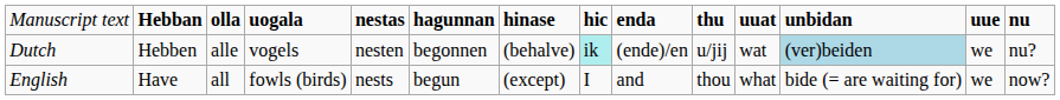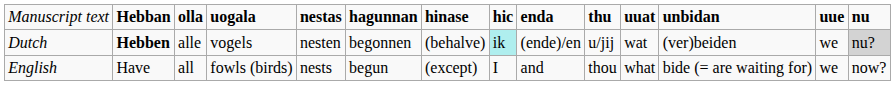 <table class="wikitable">
 <tr>
 <td><em>Manuscript text</em></td>
 <td><strong>Hebban</strong></td>
 <td><strong>olla</strong></td>
 <td><strong>uogala</strong></td>
 <td><strong>nestas</strong></td>
 <td><strong>hagunnan</strong></td>
 <td><strong>hinase</strong></td>
 <td><strong>hic</strong></td>
 <td><strong>enda</strong></td>
 <td><strong>thu</strong></td>
 <td><strong>uuat</strong></td>
 <td><strong>unbidan</strong></td>
 <td><strong>uue</strong></td>
 <td><strong>nu</strong></td>
 </tr>
 <tr>
 <td><em>Dutch</em></td>
-<td>Hebben</td>
+<td><strong>Hebben</strong></td>
 <td>alle</td>
 <td>vogels</td>
 <td>nesten</td>
 <td>begonnen</td>
 <td>(behalve)</td>
 <td style="background: paleturquoise;">ik</td>
 <td>(ende)/en</td>
 <td>u/jij</td>
 <td>wat</td>
-<td style="background: lightblue;">(ver)beiden</td>
+<td>(ver)beiden</td>
 <td>we</td>
-<td>nu?</td>
+<td style="background: lightgrey;">nu?</td>
 </tr>
 <tr>
 <td><em>English</em></td>
 <td>Have</td>
 <td>all</td>
 <td>fowls (birds)</td>
 <td>nests</td>
 <td>begun</td>
 <td>(except)</td>
 <td>I</td>
 <td>and</td>
 <td>thou</td>
 <td>what</td>
 <td>bide (= are waiting for)</td>
 <td>we</td>
 <td>now?</td>
 </tr>
 </table>
